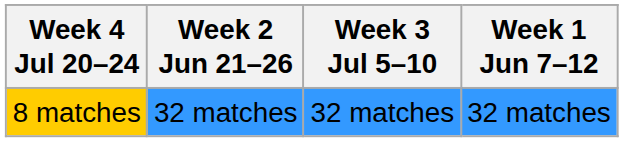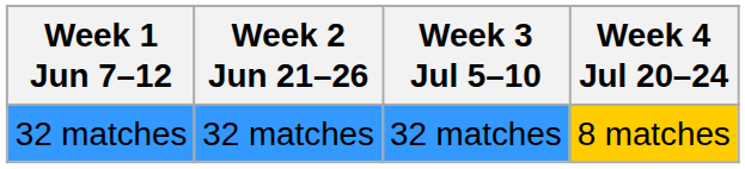 <table class="wikitable" style="margin:0.9em auto; font-size:90%; line-height:1.25em;">
 <tr>
-<th>Week 4<br>Jul 20–24</th>
+<th>Week 1<br>Jun 7–12</th>
 <th>Week 2<br>Jun 21–26</th>
 <th>Week 3<br>Jul 5–10</th>
-<th>Week 1<br>Jun 7–12</th>
+<th>Week 4<br>Jul 20–24</th>
 </tr>
 <tr align="center">
-<td bgcolor=#ffcc00>8 matches</td>
 <td bgcolor=#3399ff>32 matches</td>
 <td bgcolor=#3399ff>32 matches</td>
 <td bgcolor=#3399ff>32 matches</td>
+<td bgcolor=#ffcc00>8 matches</td>
 </tr>
 </table>
